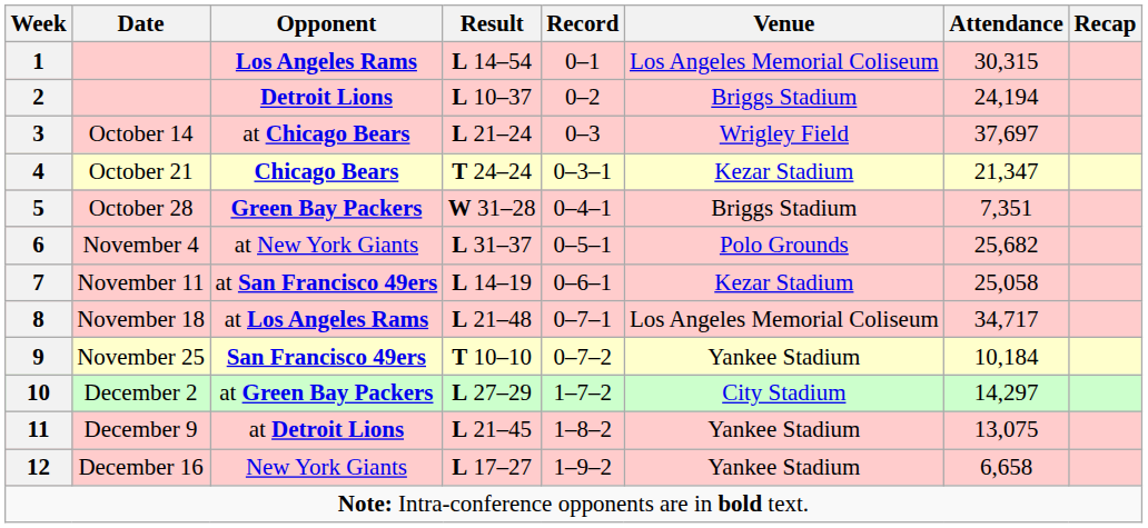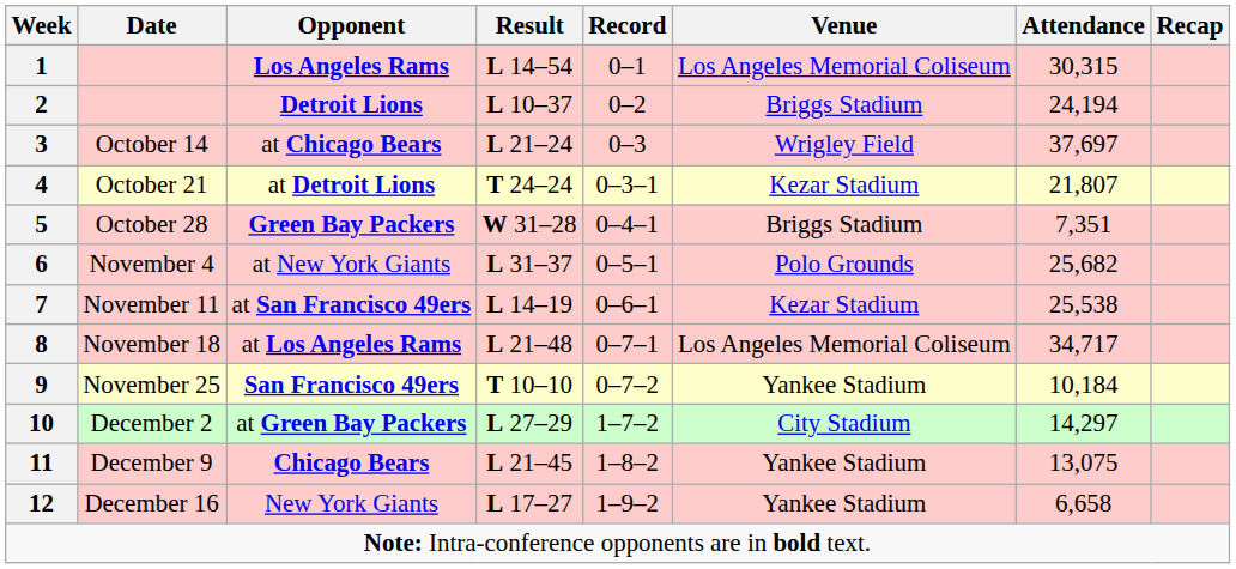 <table class="wikitable" style="text-align:center">
 <tr>
 <th>Week</th>
 <th>Date</th>
 <th>Opponent</th>
 <th>Result</th>
 <th>Record</th>
 <th>Venue</th>
 <th>Attendance</th>
 <th>Recap</th>
 </tr>
 <tr style="background:#fcc">
 <th>1</th>
 <td></td>
 <td><strong><a href='#'>Los Angeles Rams</a></strong></td>
 <td><strong>L</strong> 14–54</td>
 <td>0–1</td>
 <td><a href='#'>Los Angeles Memorial Coliseum</a></td>
 <td>30,315</td>
 <td></td>
 </tr>
 <tr style="background:#fcc">
 <th>2</th>
 <td></td>
 <td><strong><a href='#'>Detroit Lions</a></strong></td>
 <td><strong>L</strong> 10–37</td>
 <td>0–2</td>
 <td><a href='#'>Briggs Stadium</a></td>
 <td>24,194</td>
 <td></td>
 </tr>
 <tr style="background:#fcc">
 <th>3</th>
 <td>October 14</td>
 <td>at <strong><a href='#'>Chicago Bears</a></strong></td>
 <td><strong>L</strong> 21–24</td>
 <td>0–3</td>
 <td><a href='#'>Wrigley Field</a></td>
 <td>37,697</td>
 <td></td>
 </tr>
 <tr style="background:#ffc">
 <th>4</th>
 <td>October 21</td>
-<td><strong><a href='#'>Chicago Bears</a></strong></td>
+<td>at <strong><a href='#'>Detroit Lions</a></strong></td>
 <td><strong>T</strong> 24–24</td>
 <td>0–3–1</td>
 <td><a href='#'>Kezar Stadium</a></td>
-<td>21,347</td>
+<td>21,807</td>
 <td></td>
 </tr>
 <tr style="background:#fcc">
 <th>5</th>
 <td>October 28</td>
 <td><strong><a href='#'>Green Bay Packers</a></strong></td>
 <td><strong>W</strong> 31–28</td>
 <td>0–4–1</td>
 <td>Briggs Stadium</td>
 <td>7,351</td>
 <td></td>
 </tr>
 <tr style="background:#fcc">
 <th>6</th>
 <td>November 4</td>
 <td>at <a href='#'>New York Giants</a></td>
 <td><strong>L</strong> 31–37</td>
 <td>0–5–1</td>
 <td><a href='#'>Polo Grounds</a></td>
 <td>25,682</td>
 <td></td>
 </tr>
 <tr style="background:#fcc">
 <th>7</th>
 <td>November 11</td>
 <td>at <strong><a href='#'>San Francisco 49ers</a></strong></td>
 <td><strong>L</strong> 14–19</td>
 <td>0–6–1</td>
 <td><a href='#'>Kezar Stadium</a></td>
-<td>25,058</td>
+<td>25,538</td>
 <td></td>
 </tr>
 <tr style="background:#fcc">
 <th>8</th>
 <td>November 18</td>
 <td>at <strong><a href='#'>Los Angeles Rams</a></strong></td>
 <td><strong>L</strong> 21–48</td>
 <td>0–7–1</td>
 <td>Los Angeles Memorial Coliseum</td>
 <td>34,717</td>
 <td></td>
 </tr>
 <tr style="background:#ffc">
 <th>9</th>
 <td>November 25</td>
 <td><strong><a href='#'>San Francisco 49ers</a></strong></td>
 <td><strong>T</strong> 10–10</td>
 <td>0–7–2</td>
 <td>Yankee Stadium</td>
 <td>10,184</td>
 <td></td>
 </tr>
 <tr style="background:#cfc">
 <th>10</th>
 <td>December 2</td>
 <td>at <strong><a href='#'>Green Bay Packers</a></strong></td>
 <td><strong>L</strong> 27–29</td>
 <td>1–7–2</td>
 <td><a href='#'>City Stadium</a></td>
 <td>14,297</td>
 <td></td>
 </tr>
 <tr style="background:#fcc">
 <th>11</th>
 <td>December 9</td>
-<td>at <strong><a href='#'>Detroit Lions</a></strong></td>
+<td><strong><a href='#'>Chicago Bears</a></strong></td>
 <td><strong>L</strong> 21–45</td>
 <td>1–8–2</td>
 <td>Yankee Stadium</td>
 <td>13,075</td>
 <td></td>
 </tr>
 <tr style="background:#fcc">
 <th>12</th>
 <td>December 16</td>
 <td><a href='#'>New York Giants</a></td>
 <td><strong>L</strong> 17–27</td>
 <td>1–9–2</td>
 <td>Yankee Stadium</td>
 <td>6,658</td>
 <td></td>
 </tr>
 <tr>
 <td colspan="8"><strong>Note:</strong> Intra-conference opponents are in <strong>bold</strong> text.</td>
 </tr>
 </table>
